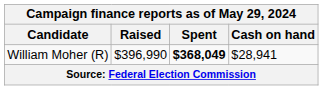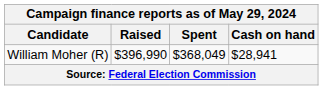 <table class="wikitable sortable">
 <tr>
 <th colspan=4>Campaign finance reports as of May 29, 2024</th>
 </tr>
 <tr style="text-align:center;">
 <th>Candidate</th>
 <th>Raised</th>
 <th>Spent</th>
 <th>Cash on hand</th>
 </tr>
 <tr>
 <td>William Moher (R)</td>
 <td>$396,990</td>
-<td><strong>$368,049</strong></td>
+<td>$368,049</td>
 <td>$28,941</td>
 </tr>
 <tr>
 <th colspan="4"><small>Source: <a href='#'>Federal Election Commission</a></small></th>
 </tr>
 </table>
